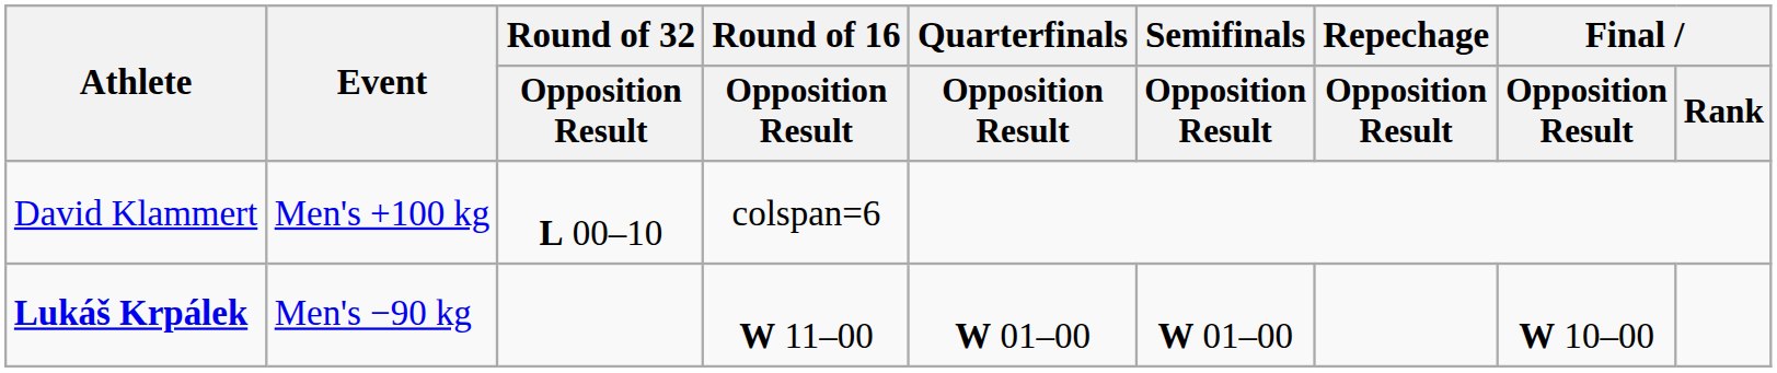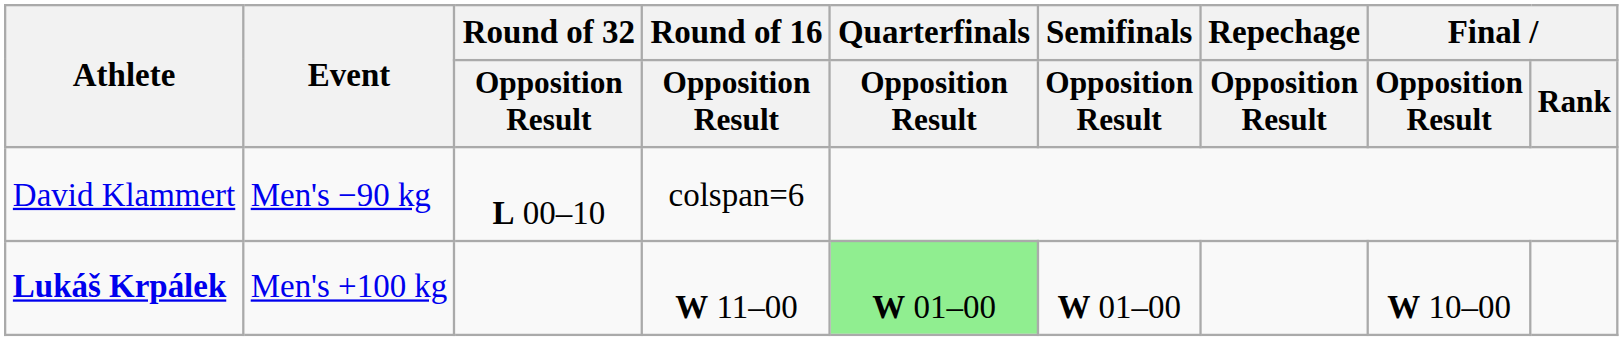 <table class="wikitable" style="font-size:90%">
 <tr>
 <th rowspan="2">Athlete</th>
 <th rowspan="2">Event</th>
 <th>Round of 32</th>
 <th>Round of 16</th>
 <th>Quarterfinals</th>
 <th>Semifinals</th>
 <th>Repechage</th>
 <th colspan=2>Final / </th>
 </tr>
 <tr style="font-size:95%">
 <th>Opposition<br>Result</th>
 <th>Opposition<br>Result</th>
 <th>Opposition<br>Result</th>
 <th>Opposition<br>Result</th>
 <th>Opposition<br>Result</th>
 <th>Opposition<br>Result</th>
 <th>Rank</th>
 </tr>
 <tr align=center>
 <td align=left><a href='#'>David Klammert</a></td>
-<td align=left><a href='#'>Men's +100 kg</a></td>
+<td align=left><a href='#'>Men's −90 kg</a></td>
 <td><br><strong>L</strong> 00–10</td>
 <td>colspan=6 </td>
 </tr>
 <tr align=center>
 <td align=left><strong><a href='#'>Lukáš Krpálek</a></strong></td>
-<td align=left><a href='#'>Men's −90 kg</a></td>
+<td align=left><a href='#'>Men's +100 kg</a></td>
 <td></td>
 <td><br><strong>W</strong> 11–00</td>
-<td><br><strong>W</strong> 01–00</td>
+<td style="background: lightgreen;"><br><strong>W</strong> 01–00</td>
 <td><br><strong>W</strong> 01–00</td>
 <td></td>
 <td><br><strong>W</strong> 10–00</td>
 <td></td>
 </tr>
 </table>
